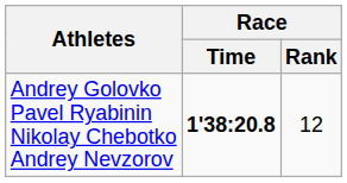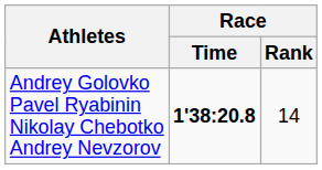 <table class="wikitable" border="1" style="font-size:90%">
 <tr>
 <th rowspan=2>Athletes</th>
 <th colspan=2>Race</th>
 </tr>
 <tr>
 <th>Time</th>
 <th>Rank</th>
 </tr>
 <tr>
 <td><a href='#'>Andrey Golovko</a><br><a href='#'>Pavel Ryabinin</a><br><a href='#'>Nikolay Chebotko</a><br><a href='#'>Andrey Nevzorov</a></td>
 <td align=center><strong>1'38:20.8</strong></td>
-<td align=center>12</td>
+<td align=center>14</td>
 </tr>
 </table>
